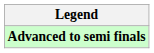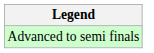 <table class="wikitable">
 <tr>
 <th>Legend</th>
 </tr>
 <tr bgcolor="ccffcc">
-<td><strong>Advanced to semi finals</strong></td>
+<td>Advanced to semi finals</td>
 </tr>
 </table>
